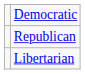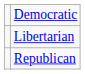 <table class="sortable wikitable">
 <tr>
 <td scope="row" style="background-color:"></td>
 <td><a href='#'>Democratic</a></td>
 </tr>
 <tr>
 <td scope="row" style="background-color:"></td>
-<td><a href='#'>Republican</a></td>
+<td><a href='#'>Libertarian</a></td>
 </tr>
 <tr>
 <td scope="row" style="background-color:"></td>
-<td><a href='#'>Libertarian</a></td>
+<td><a href='#'>Republican</a></td>
 </tr>
 </table>
